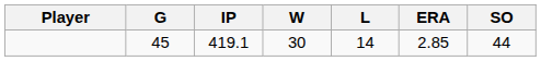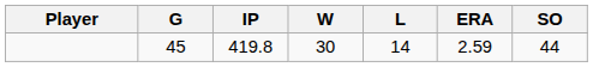 <table class="wikitable sortable">
 <tr>
 <th bgcolor="#DDDDFF" width="16%">Player</th>
 <th bgcolor="#DDDDFF" width="9%">G</th>
 <th bgcolor="#DDDDFF" width="9%">IP</th>
 <th bgcolor="#DDDDFF" width="9%">W</th>
 <th bgcolor="#DDDDFF" width="9%">L</th>
 <th bgcolor="#DDDDFF" width="9%">ERA</th>
 <th bgcolor="#DDDDFF" width="9%">SO</th>
 </tr>
 <tr align="center">
 <td></td>
 <td>45</td>
-<td>419.1</td>
+<td>419.8</td>
 <td>30</td>
 <td>14</td>
-<td>2.85</td>
+<td>2.59</td>
 <td>44</td>
 </tr>
 </table>
